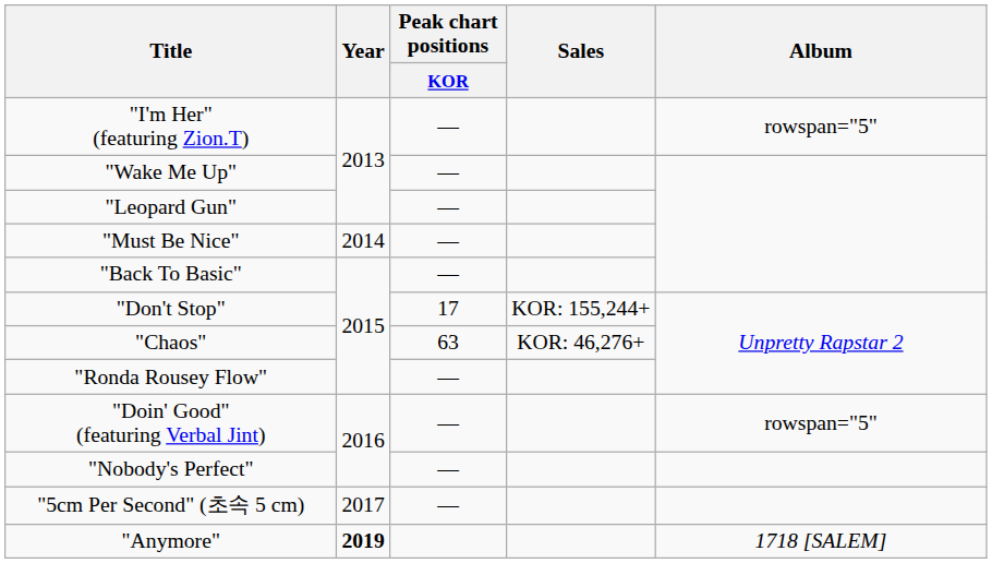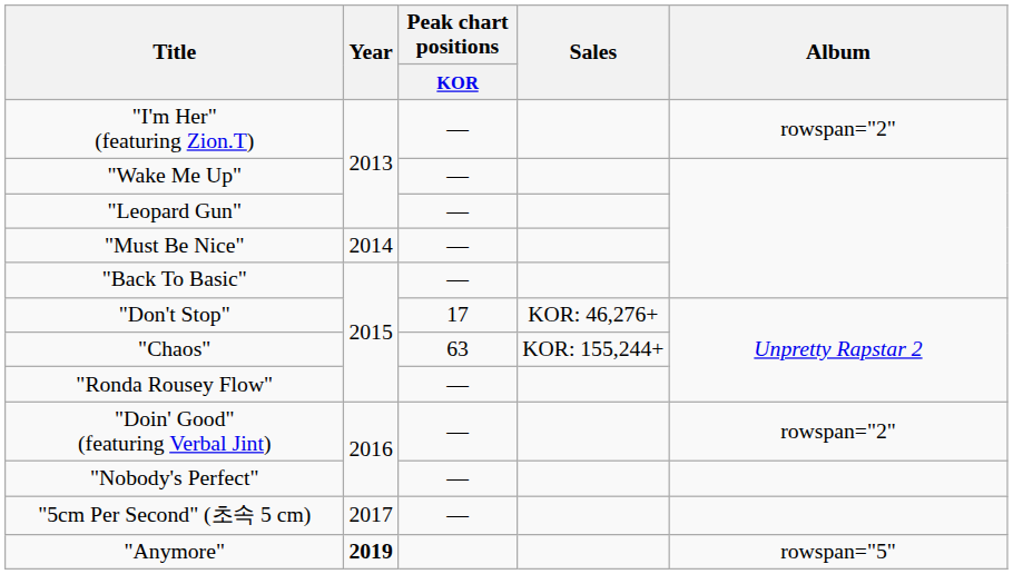 <table class="wikitable plainrowheaders" style="text-align:center;" border="1">
 <tr>
 <th scope="col" rowspan="2" style="width:15em;">Title</th>
 <th scope="col" rowspan="2">Year</th>
 <th scope="col" colspan="1" style="width:5em;">Peak chart positions</th>
 <th scope="col" rowspan="2">Sales</th>
 <th scope="col" rowspan="2" style="width:15em;">Album</th>
 </tr>
 <tr>
 <th><small><a href='#'>KOR</a></small><br></th>
 </tr>
 <tr>
 <td>"I'm Her" <br> (featuring <a href='#'>Zion.T</a>)</td>
 <td rowspan="3">2013</td>
 <td>—</td>
 <td></td>
-<td>rowspan="5" </td>
+<td>rowspan="2" </td>
 </tr>
 <tr>
 <td>"Wake Me Up"</td>
 <td>—</td>
 <td></td>
 </tr>
 <tr>
 <td>"Leopard Gun"</td>
 <td>—</td>
 <td></td>
 </tr>
 <tr>
 <td>"Must Be Nice"</td>
 <td>2014</td>
 <td>—</td>
 <td></td>
 </tr>
 <tr>
 <td>"Back To Basic"</td>
 <td rowspan="4">2015</td>
 <td>—</td>
 <td></td>
 </tr>
 <tr>
 <td>"Don't Stop"</td>
 <td>17</td>
-<td>KOR: 155,244+</td>
+<td>KOR: 46,276+</td>
 <td rowspan="3"><em><a href='#'>Unpretty Rapstar 2</a></em></td>
 </tr>
 <tr>
 <td>"Chaos"</td>
 <td>63</td>
-<td>KOR: 46,276+</td>
+<td>KOR: 155,244+</td>
 </tr>
 <tr>
 <td>"Ronda Rousey Flow"</td>
 <td>—</td>
 <td></td>
 </tr>
 <tr>
 <td>"Doin' Good" <br> (featuring <a href='#'>Verbal Jint</a>)</td>
 <td rowspan="2">2016</td>
 <td>—</td>
 <td></td>
-<td>rowspan="5" </td>
+<td>rowspan="2" </td>
 </tr>
 <tr>
 <td>"Nobody's Perfect"</td>
 <td>—</td>
 <td></td>
 </tr>
 <tr>
 <td>"5cm Per Second" (초속 5 cm)</td>
 <td>2017</td>
 <td>—</td>
 <td></td>
 <td></td>
 </tr>
 <tr>
 <td>"Anymore"</td>
 <td><strong>2019</strong></td>
 <td></td>
 <td></td>
-<td><em>1718 [SALEM]</em></td>
+<td>rowspan="5" </td>
 </tr>
 </table>
